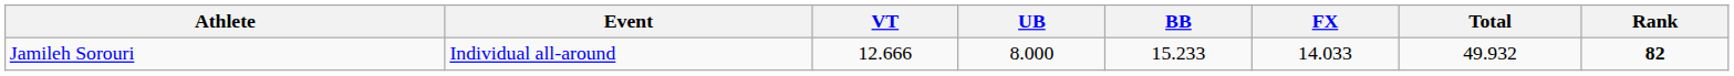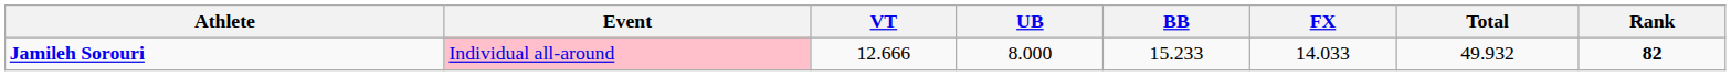 <table class="wikitable" width="80%" style="text-align:center; font-size:90%">
 <tr>
 <th width="12%">Athlete</th>
 <th width="10%">Event</th>
 <th width="4%"><a href='#'>VT</a></th>
 <th width="4%"><a href='#'>UB</a></th>
 <th width="4%"><a href='#'>BB</a></th>
 <th width="4%"><a href='#'>FX</a></th>
 <th width="5%">Total</th>
 <th width="4%">Rank</th>
 </tr>
 <tr>
-<td align="left"><a href='#'>Jamileh Sorouri</a></td>
-<td align="left"><a href='#'>Individual all-around</a></td>
+<td align="left"><strong><a href='#'>Jamileh Sorouri</a></strong></td>
+<td align="left" style="background: pink;"><a href='#'>Individual all-around</a></td>
 <td>12.666</td>
 <td>8.000</td>
 <td>15.233</td>
 <td>14.033</td>
 <td>49.932</td>
 <td><strong>82</strong></td>
 </tr>
 </table>
